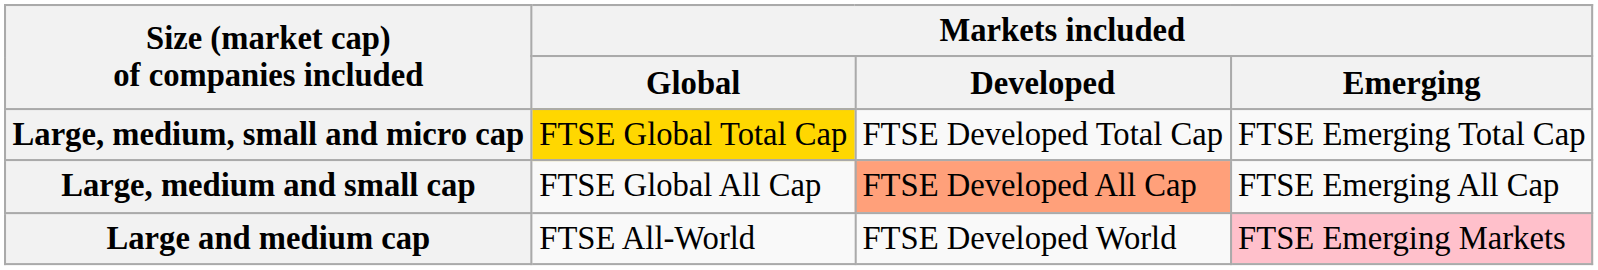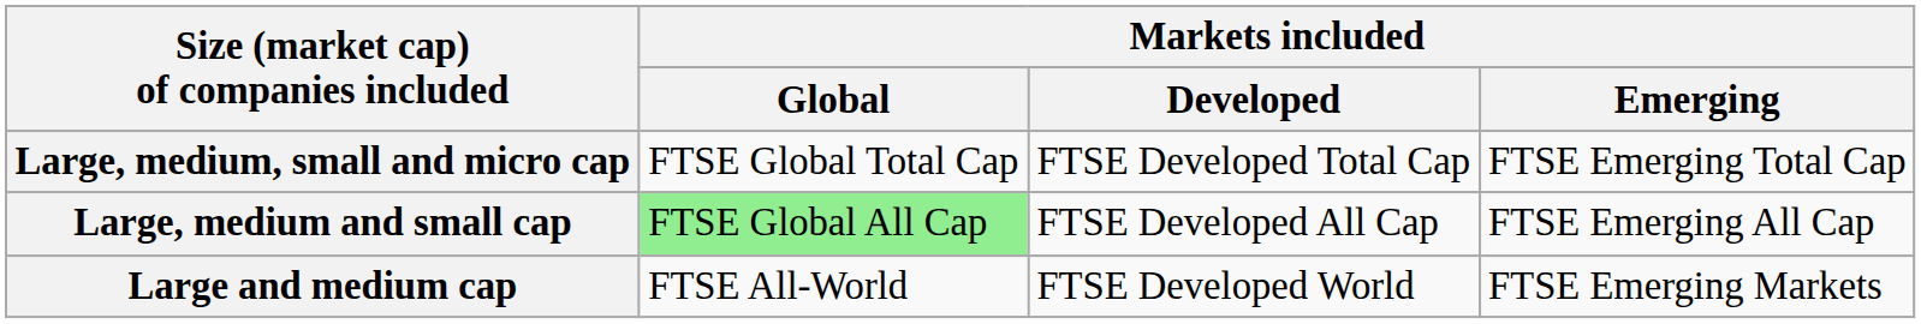 <table class="wikitable">
 <tr>
 <th rowspan=2>Size (market cap)<br>of companies included</th>
 <th colspan=3>Markets included</th>
 </tr>
 <tr>
 <th>Global</th>
 <th>Developed</th>
 <th>Emerging</th>
 </tr>
 <tr>
 <th>Large, medium, small and micro cap</th>
-<td style="background: gold;">FTSE Global Total Cap</td>
+<td>FTSE Global Total Cap</td>
 <td>FTSE Developed Total Cap</td>
 <td>FTSE Emerging Total Cap</td>
 </tr>
 <tr>
 <th>Large, medium and small cap</th>
-<td>FTSE Global All Cap</td>
-<td style="background: lightsalmon;">FTSE Developed All Cap</td>
+<td style="background: lightgreen;">FTSE Global All Cap</td>
+<td>FTSE Developed All Cap</td>
 <td>FTSE Emerging All Cap</td>
 </tr>
 <tr>
 <th>Large and medium cap</th>
 <td>FTSE All-World</td>
 <td>FTSE Developed World</td>
-<td style="background: pink;">FTSE Emerging Markets</td>
+<td>FTSE Emerging Markets</td>
 </tr>
 </table>
